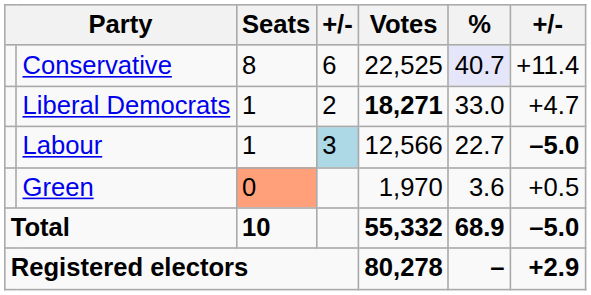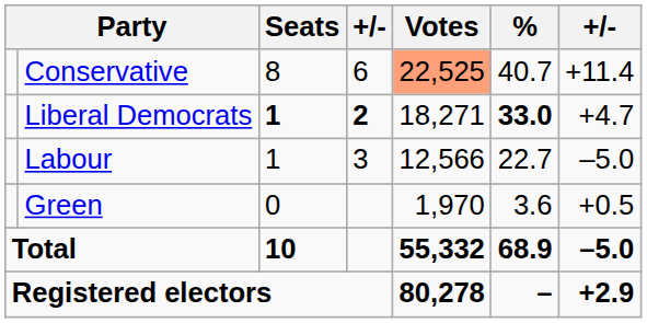 <table class="wikitable sortable">
 <tr>
 <th colspan="2">Party</th>
 <th>Seats</th>
 <th>+/-</th>
 <th>Votes</th>
 <th>%</th>
 <th>+/-</th>
 </tr>
 <tr>
 <td style="background-color: "></td>
 <td><a href='#'>Conservative</a></td>
 <td>8</td>
 <td> 6</td>
-<td style="text-align:right;">22,525</td>
-<td style="background: lavender; text-align:right;">40.7</td>
+<td style="background: lightsalmon; text-align:right;">22,525</td>
+<td style="text-align:right;">40.7</td>
 <td style="text-align:right;">+11.4</td>
 </tr>
 <tr>
 <td style="background-color: "></td>
 <td><a href='#'>Liberal Democrats</a></td>
-<td>1</td>
-<td> 2</td>
-<td style="text-align:right;"><strong>18,271</strong></td>
-<td style="text-align:right;">33.0</td>
+<td><strong>1</strong></td>
+<td><strong> 2</strong></td>
+<td style="text-align:right;">18,271</td>
+<td style="text-align:right;"><strong>33.0</strong></td>
 <td style="text-align:right;">+4.7</td>
 </tr>
 <tr>
 <td style="background-color: "></td>
 <td><a href='#'>Labour</a></td>
 <td>1</td>
-<td style="background: lightblue;"> 3</td>
+<td> 3</td>
 <td style="text-align:right;">12,566</td>
 <td style="text-align:right;">22.7</td>
-<td style="text-align:right;"><strong>–5.0</strong></td>
+<td style="text-align:right;">–5.0</td>
 </tr>
 <tr>
 <td style="background-color: "></td>
 <td><a href='#'>Green</a></td>
-<td style="background: lightsalmon;">0</td>
+<td>0</td>
 <td></td>
 <td style="text-align:right;">1,970</td>
 <td style="text-align:right;">3.6</td>
 <td style="text-align:right;">+0.5</td>
 </tr>
 <tr>
 <td colspan="2"><strong>Total</strong></td>
 <td><strong>10</strong></td>
 <td></td>
 <td style="text-align:right;"><strong>55,332</strong></td>
 <td style="text-align:right;"><strong>68.9</strong></td>
 <td style="text-align:right;"><strong>–5.0</strong></td>
 </tr>
 <tr>
 <td colspan="4"><strong>Registered electors</strong></td>
 <td style="text-align:right;"><strong>80,278</strong></td>
 <td style="text-align:right;"><strong>–</strong></td>
 <td style="text-align:right;"><strong>+2.9</strong></td>
 </tr>
 </table>
